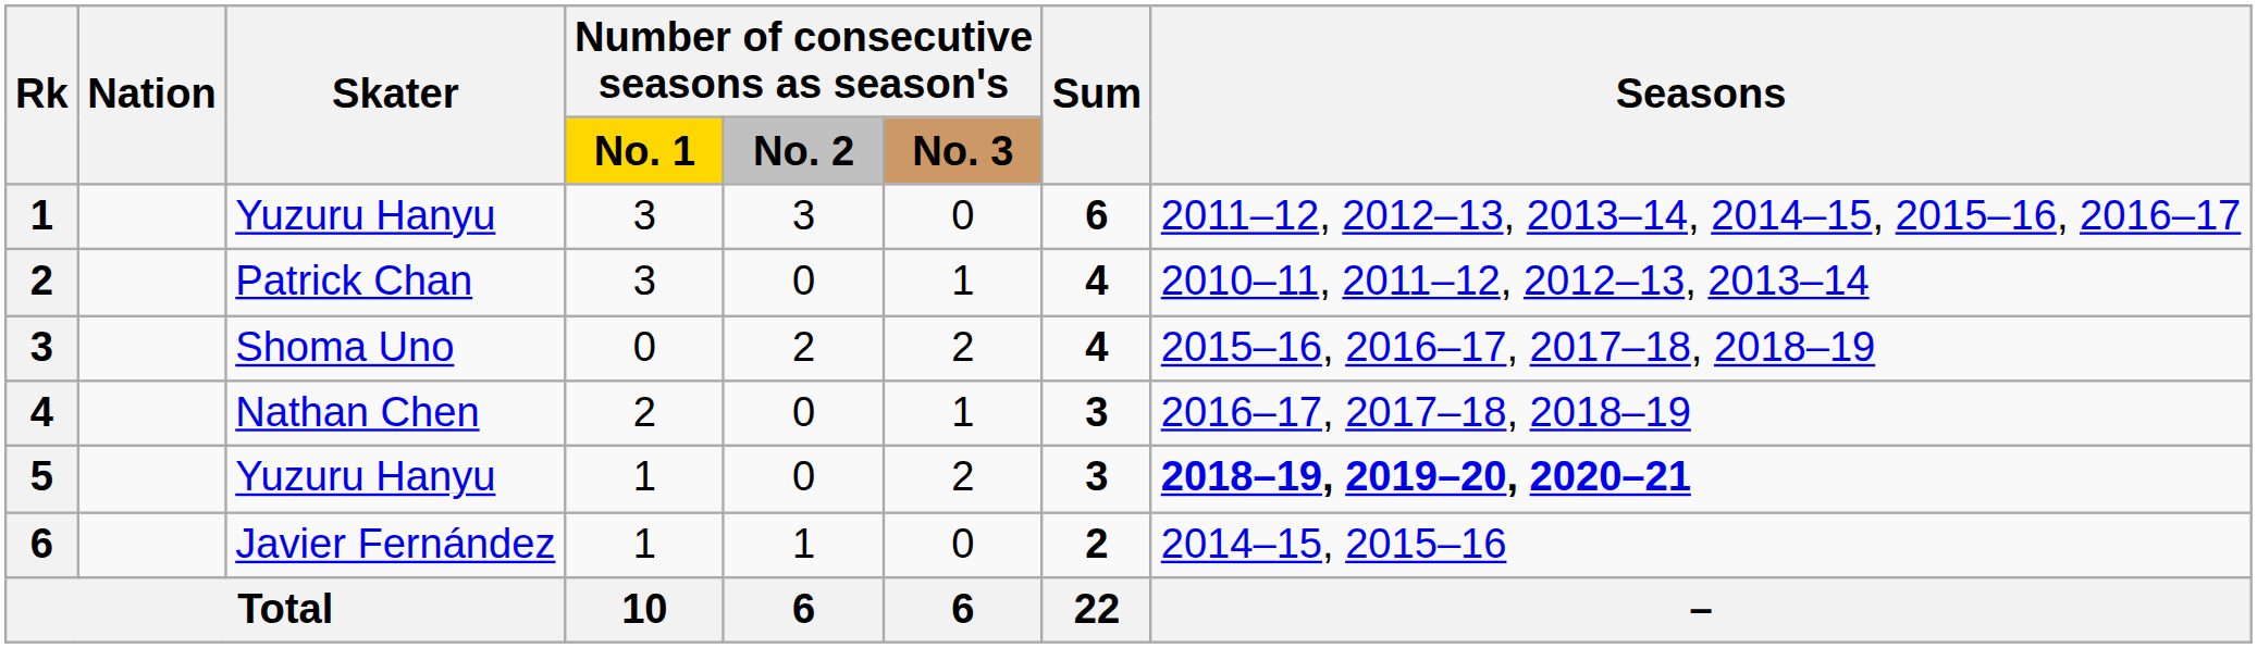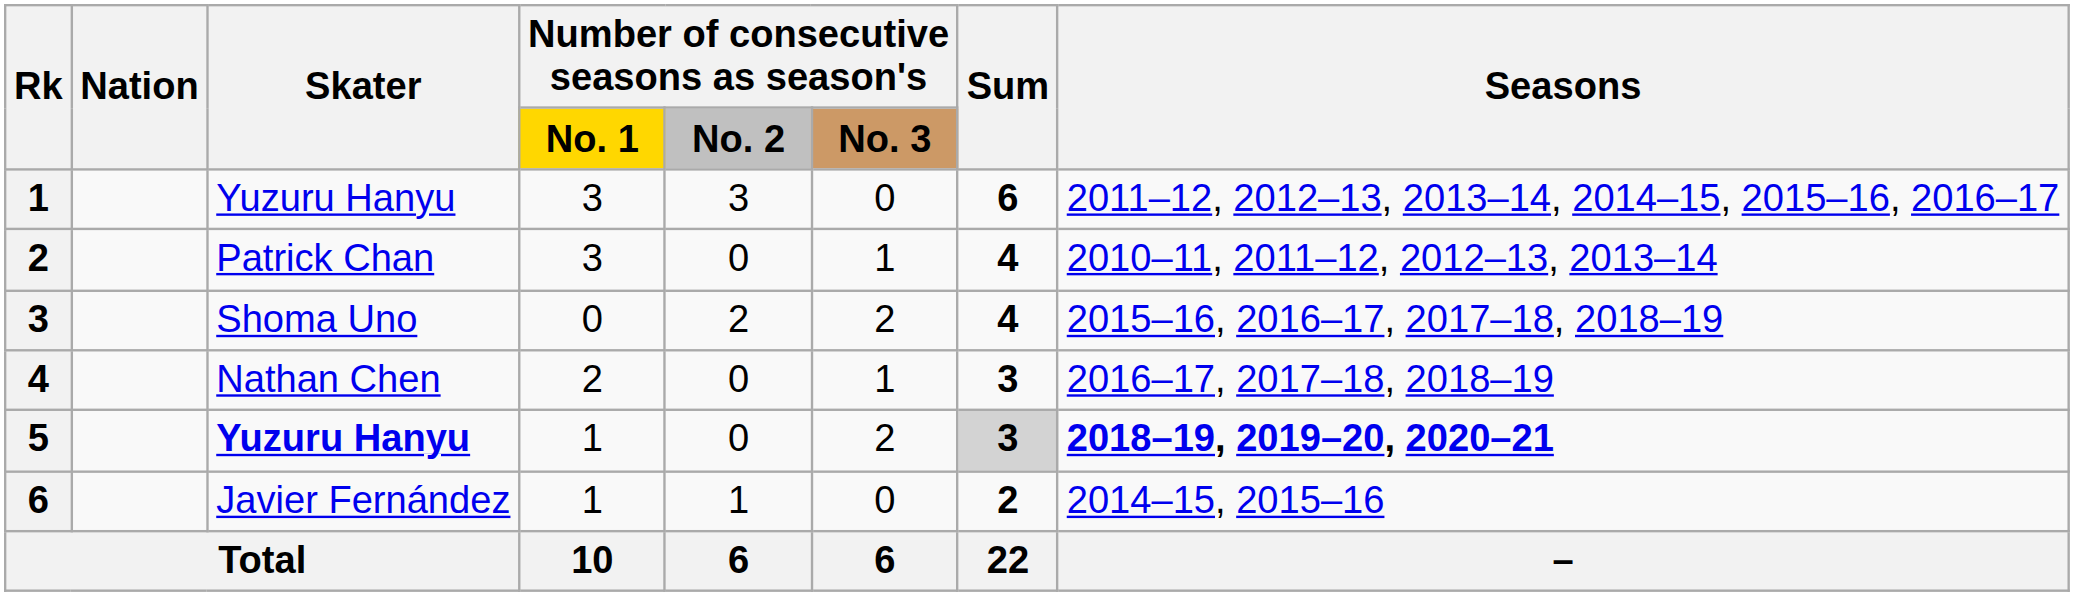 <table class="wikitable sortable" style="text-align: center;">
 <tr>
 <th rowspan="2">Rk</th>
 <th rowspan="2">Nation</th>
 <th rowspan="2">Skater</th>
 <th colspan="3">Number of consecutive<br>seasons as season's</th>
 <th rowspan="2">Sum</th>
 <th rowspan="2">Seasons</th>
 </tr>
 <tr>
 <th style="background-color: gold;">No. 1</th>
 <th style="background-color: silver;">No. 2</th>
 <th style="background-color: #cc9966;">No. 3</th>
 </tr>
 <tr>
 <th>1</th>
 <td style="text-align: left;"></td>
 <td style="text-align: left;"><a href='#'>Yuzuru Hanyu</a></td>
 <td>3</td>
 <td>3</td>
 <td>0</td>
 <td><strong>6</strong></td>
 <td style="text-align: left;"><a href='#'>2011–12</a>, <a href='#'>2012–13</a>, <a href='#'>2013–14</a>, <a href='#'>2014–15</a>, <a href='#'>2015–16</a>, <a href='#'>2016–17</a></td>
 </tr>
 <tr>
 <th>2</th>
 <td style="text-align: left;"></td>
 <td style="text-align: left;"><a href='#'>Patrick Chan</a></td>
 <td>3</td>
 <td>0</td>
 <td>1</td>
 <td><strong>4</strong></td>
 <td style="text-align: left;"><a href='#'>2010–11</a>, <a href='#'>2011–12</a>, <a href='#'>2012–13</a>, <a href='#'>2013–14</a></td>
 </tr>
 <tr>
 <th>3</th>
 <td style="text-align: left;"></td>
 <td style="text-align: left;"><a href='#'>Shoma Uno</a></td>
 <td>0</td>
 <td>2</td>
 <td>2</td>
 <td><strong>4</strong></td>
 <td style="text-align: left;"><a href='#'>2015–16</a>, <a href='#'>2016–17</a>, <a href='#'>2017–18</a>, <a href='#'>2018–19</a></td>
 </tr>
 <tr>
 <th>4</th>
 <td style="text-align: left;"></td>
 <td style="text-align: left;"><a href='#'>Nathan Chen</a></td>
 <td>2</td>
 <td>0</td>
 <td>1</td>
 <td><strong>3</strong></td>
 <td style="text-align: left;"><a href='#'>2016–17</a>, <a href='#'>2017–18</a>, <a href='#'>2018–19</a></td>
 </tr>
 <tr>
 <th>5</th>
 <td style="text-align: left;"></td>
-<td style="text-align: left;"><a href='#'>Yuzuru Hanyu</a></td>
+<td style="text-align: left;"><strong><a href='#'>Yuzuru Hanyu</a></strong></td>
 <td>1</td>
 <td>0</td>
 <td>2</td>
-<td><strong>3</strong></td>
+<td style="background: lightgrey;"><strong>3</strong></td>
 <td style="text-align: left;"><strong><a href='#'>2018–19</a>, <a href='#'>2019–20</a>, <a href='#'>2020–21</a></strong></td>
 </tr>
 <tr>
 <th>6</th>
 <td style="text-align: left;"></td>
 <td style="text-align: left;"><a href='#'>Javier Fernández</a></td>
 <td>1</td>
 <td>1</td>
 <td>0</td>
 <td><strong>2</strong></td>
 <td style="text-align: left;"><a href='#'>2014–15</a>, <a href='#'>2015–16</a></td>
 </tr>
 <tr class="sortbottom">
 <th colspan="3">Total</th>
 <th>10</th>
 <th>6</th>
 <th>6</th>
 <th>22</th>
 <th>–</th>
 </tr>
 </table>
